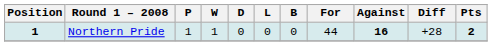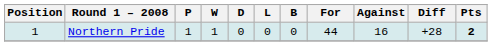 <table class="wikitable" style="text-align:center; font-size:85%;">
 <tr>
 <th width=40 abbr="Position">Position</th>
 <th width=100>Round 1 – 2008</th>
 <th width=20 abbr="Played">P</th>
 <th width=20 abbr="Won">W</th>
 <th width=20 abbr="Drawn">D</th>
 <th width=20 abbr="Lost">L</th>
 <th width=20 abbr="Bye">B</th>
 <th width=40 abbr="Points for">For</th>
 <th width=40 abbr="Points against">Against</th>
 <th width=40 abbr="Points difference">Diff</th>
 <th width=25 abbr="Points">Pts</th>
 </tr>
 <tr style="background: #d7ebed;">
-<td><strong>1</strong></td>
+<td>1</td>
 <td style="text-align:left;"> <a href='#'>Northern Pride</a></td>
 <td>1</td>
 <td>1</td>
 <td>0</td>
 <td>0</td>
 <td>0</td>
 <td>44</td>
-<td><strong>16</strong></td>
+<td>16</td>
 <td>+28</td>
 <td><strong>2</strong></td>
 </tr>
 <tr>
 </tr>
 </table>
